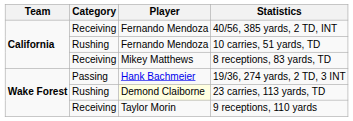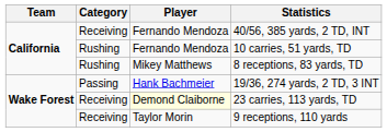 <table class="wikitable" style="float: right;">
 <tr>
 <th>Team</th>
 <th>Category</th>
 <th>Player</th>
 <th>Statistics</th>
 </tr>
 <tr>
 <td rowspan=3><strong>California</strong></td>
 <td>Receiving</td>
 <td>Fernando Mendoza</td>
 <td>40/56, 385 yards, 2 TD, INT</td>
 </tr>
 <tr>
 <td>Rushing</td>
 <td>Fernando Mendoza</td>
 <td>10 carries, 51 yards, TD</td>
 </tr>
 <tr>
-<td>Receiving</td>
+<td>Rushing</td>
 <td>Mikey Matthews</td>
 <td>8 receptions, 83 yards, TD</td>
 </tr>
 <tr>
 <td rowspan=3><strong>Wake Forest</strong></td>
 <td>Passing</td>
 <td><a href='#'>Hank Bachmeier</a></td>
 <td>19/36, 274 yards, 2 TD, 3 INT</td>
 </tr>
 <tr>
-<td>Rushing</td>
+<td>Receiving</td>
 <td style="background: lightyellow;">Demond Claiborne</td>
 <td>23 carries, 113 yards, TD</td>
 </tr>
 <tr>
 <td>Receiving</td>
 <td>Taylor Morin</td>
 <td>9 receptions, 110 yards</td>
 </tr>
 </table>
